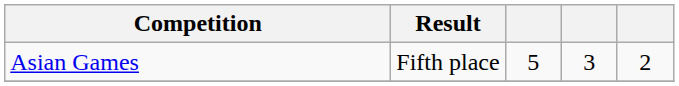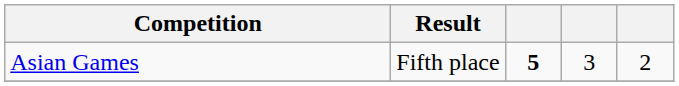 <table class="wikitable" style="text-align: center;">
 <tr>
 <th width=250>Competition</th>
 <th>Result</th>
 <th width=30></th>
 <th width=30></th>
 <th width=30></th>
 </tr>
 <tr>
 <td align="left"><a href='#'>Asian Games</a></td>
 <td>Fifth place</td>
-<td>5</td>
+<td><strong>5</strong></td>
 <td>3</td>
 <td>2</td>
 </tr>
 <tr>
 </tr>
 </table>
